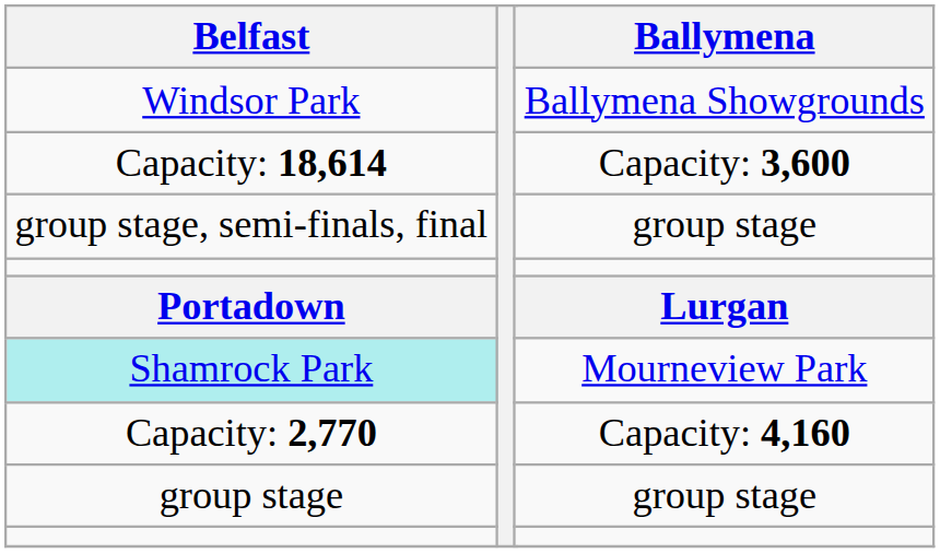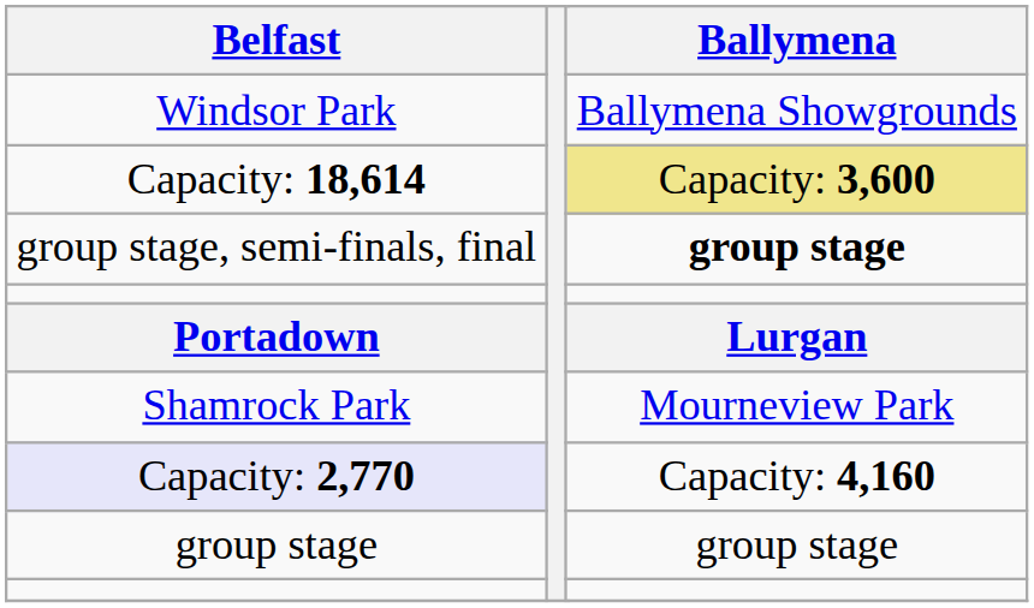 <table class="wikitable" style="text-align:center">
 <tr>
 <th><a href='#'>Belfast</a></th>
 <th rowspan="10" colspan="2"></th>
 <th><a href='#'>Ballymena</a></th>
 </tr>
 <tr>
 <td><a href='#'>Windsor Park</a></td>
 <td><a href='#'>Ballymena Showgrounds</a></td>
 </tr>
 <tr>
 <td>Capacity: <strong>18,614</strong></td>
-<td>Capacity: <strong>3,600</strong></td>
+<td style="background: khaki;">Capacity: <strong>3,600</strong></td>
 </tr>
 <tr>
 <td>group stage, semi-finals, final</td>
-<td>group stage</td>
+<td><strong>group stage</strong></td>
 </tr>
 <tr>
 <td></td>
 <td></td>
 </tr>
 <tr>
 <th><a href='#'>Portadown</a></th>
 <th><a href='#'>Lurgan</a></th>
 </tr>
 <tr>
-<td style="background: paleturquoise;"><a href='#'>Shamrock Park</a></td>
+<td><a href='#'>Shamrock Park</a></td>
 <td><a href='#'>Mourneview Park</a></td>
 </tr>
 <tr>
-<td>Capacity: <strong>2,770</strong></td>
+<td style="background: lavender;">Capacity: <strong>2,770</strong></td>
 <td>Capacity: <strong>4,160</strong></td>
 </tr>
 <tr>
 <td>group stage</td>
 <td>group stage</td>
 </tr>
 <tr>
 <td></td>
 <td></td>
 </tr>
 <tr>
 </tr>
 </table>
